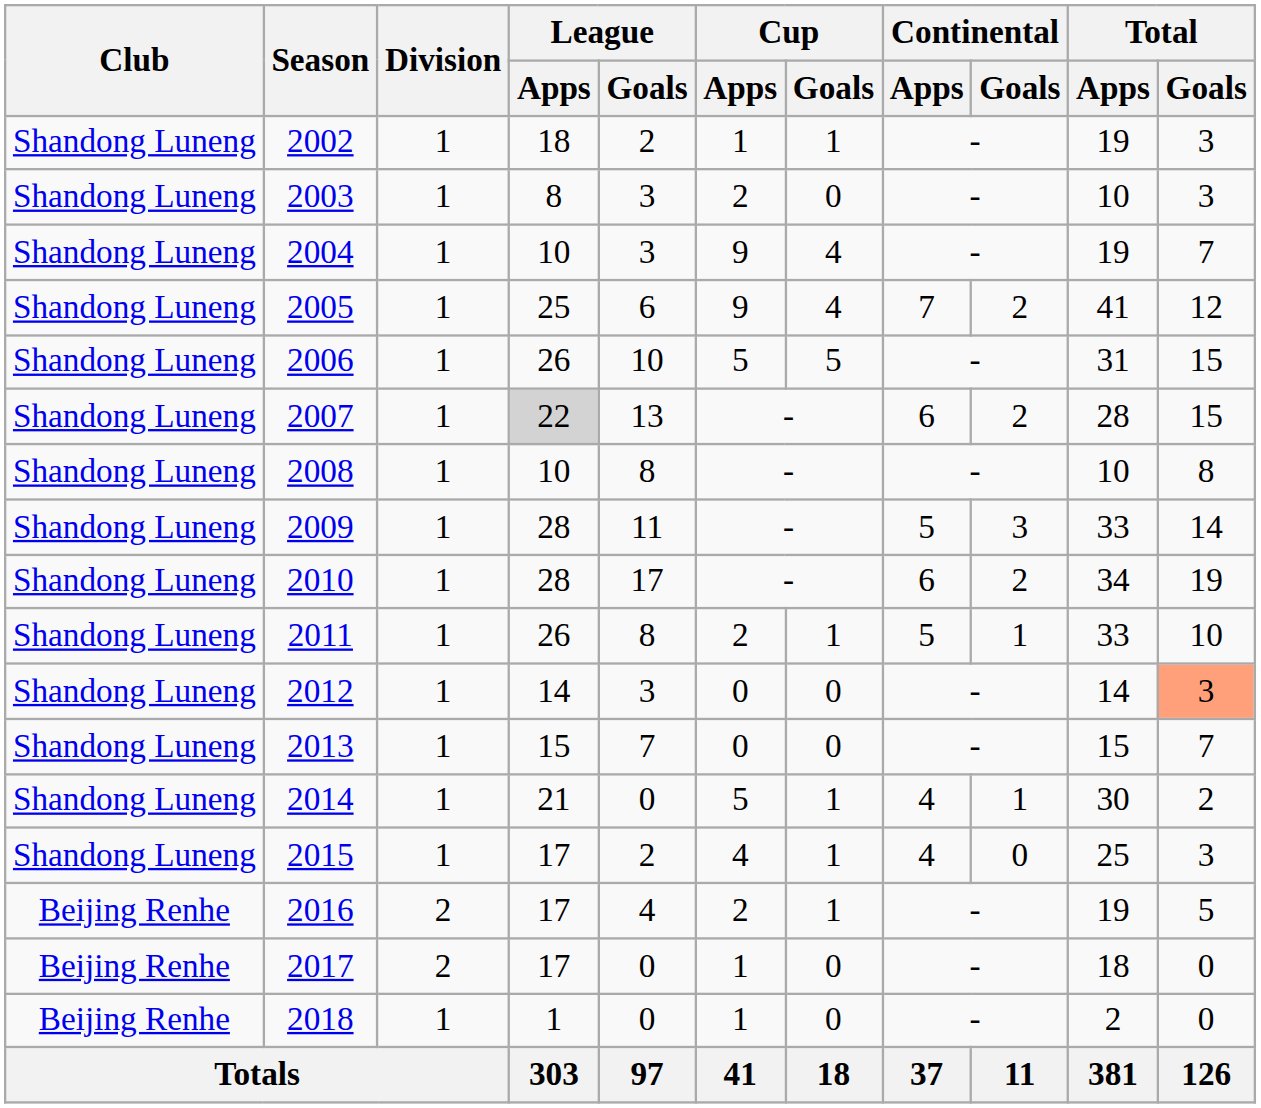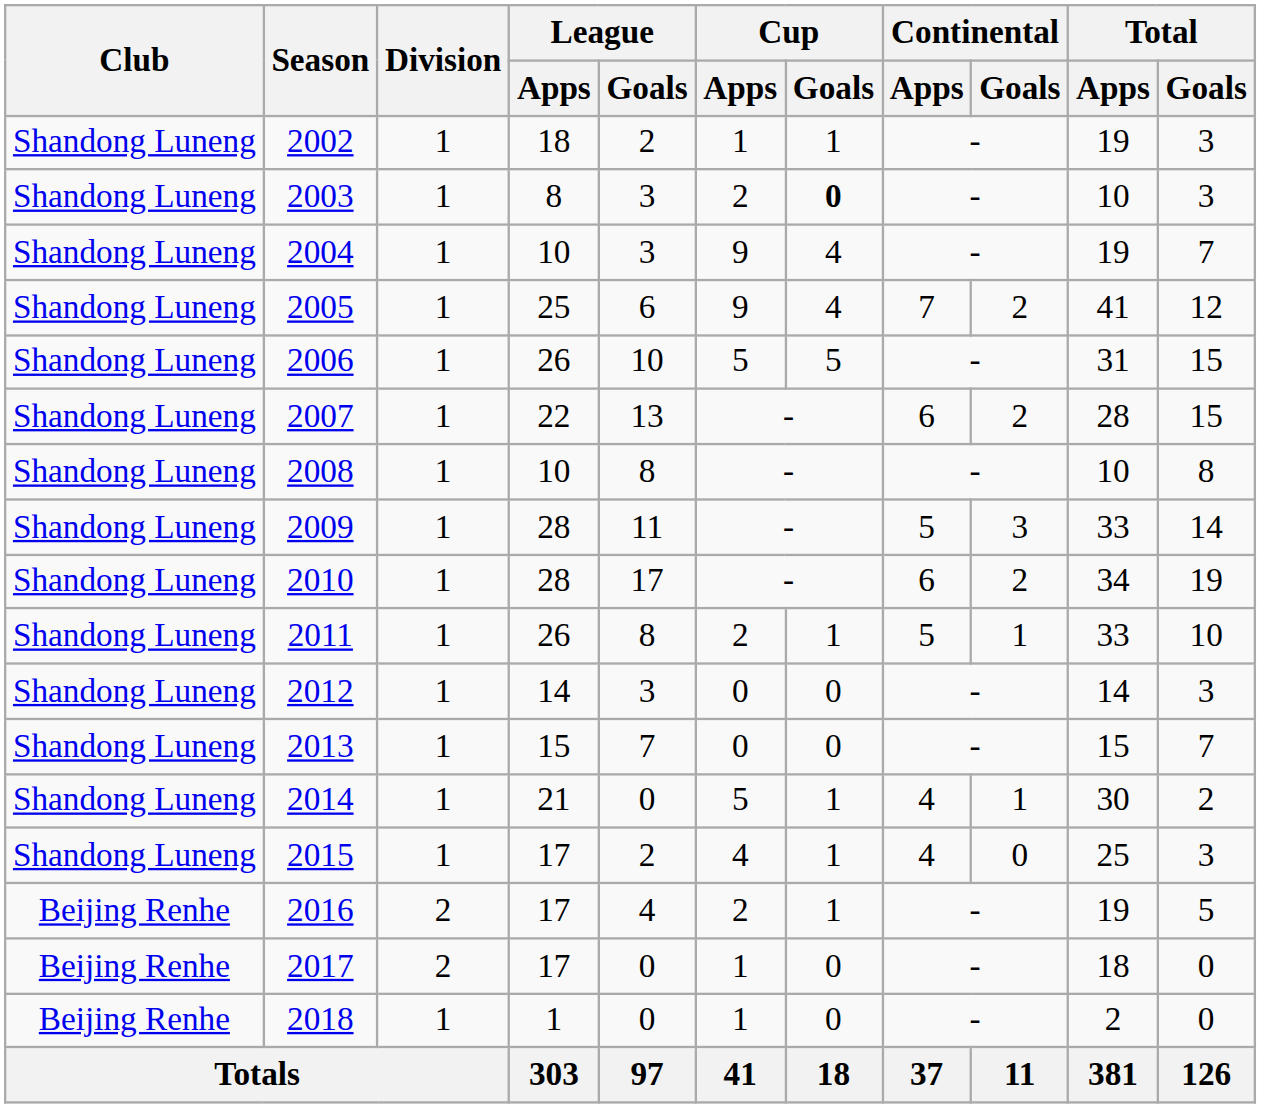 <table class="wikitable" style="font-size:90%; text-align: center;">
 <tr>
 <th rowspan="2">Club</th>
 <th rowspan="2">Season</th>
 <th rowspan="2">Division</th>
 <th colspan="2">League</th>
 <th colspan="2">Cup</th>
 <th colspan="2">Continental</th>
 <th colspan="2">Total</th>
 </tr>
 <tr>
 <th>Apps</th>
 <th>Goals</th>
 <th>Apps</th>
 <th>Goals</th>
 <th>Apps</th>
 <th>Goals</th>
 <th>Apps</th>
 <th>Goals</th>
 </tr>
 <tr>
 <td rowspan="1" valign="center"><a href='#'>Shandong Luneng</a></td>
 <td><a href='#'>2002</a></td>
 <td>1</td>
 <td>18</td>
 <td>2</td>
 <td>1</td>
 <td>1</td>
 <td colspan="2">-</td>
 <td>19</td>
 <td>3</td>
 </tr>
 <tr>
 <td rowspan="1" valign="center"><a href='#'>Shandong Luneng</a></td>
 <td><a href='#'>2003</a></td>
 <td>1</td>
 <td>8</td>
 <td>3</td>
 <td>2</td>
-<td>0</td>
+<td><strong>0</strong></td>
 <td colspan="2">-</td>
 <td>10</td>
 <td>3</td>
 </tr>
 <tr>
 <td rowspan="1" valign="center"><a href='#'>Shandong Luneng</a></td>
 <td><a href='#'>2004</a></td>
 <td>1</td>
 <td>10</td>
 <td>3</td>
 <td>9</td>
 <td>4</td>
 <td colspan="2">-</td>
 <td>19</td>
 <td>7</td>
 </tr>
 <tr>
 <td rowspan="1" valign="center"><a href='#'>Shandong Luneng</a></td>
 <td><a href='#'>2005</a></td>
 <td>1</td>
 <td>25</td>
 <td>6</td>
 <td>9</td>
 <td>4</td>
 <td>7</td>
 <td>2</td>
 <td>41</td>
 <td>12</td>
 </tr>
 <tr>
 <td rowspan="1" valign="center"><a href='#'>Shandong Luneng</a></td>
 <td><a href='#'>2006</a></td>
 <td>1</td>
 <td>26</td>
 <td>10</td>
 <td>5</td>
 <td>5</td>
 <td colspan="2">-</td>
 <td>31</td>
 <td>15</td>
 </tr>
 <tr>
 <td rowspan="1" valign="center"><a href='#'>Shandong Luneng</a></td>
 <td><a href='#'>2007</a></td>
 <td>1</td>
-<td style="background: lightgrey;">22</td>
+<td>22</td>
 <td>13</td>
 <td colspan="2">-</td>
 <td>6</td>
 <td>2</td>
 <td>28</td>
 <td>15</td>
 </tr>
 <tr>
 <td rowspan="1" valign="center"><a href='#'>Shandong Luneng</a></td>
 <td><a href='#'>2008</a></td>
 <td>1</td>
 <td>10</td>
 <td>8</td>
 <td colspan="2">-</td>
 <td colspan="2">-</td>
 <td>10</td>
 <td>8</td>
 </tr>
 <tr>
 <td rowspan="1" valign="center"><a href='#'>Shandong Luneng</a></td>
 <td><a href='#'>2009</a></td>
 <td>1</td>
 <td>28</td>
 <td>11</td>
 <td colspan="2">-</td>
 <td>5</td>
 <td>3</td>
 <td>33</td>
 <td>14</td>
 </tr>
 <tr>
 <td rowspan="1" valign="center"><a href='#'>Shandong Luneng</a></td>
 <td><a href='#'>2010</a></td>
 <td>1</td>
 <td>28</td>
 <td>17</td>
 <td colspan="2">-</td>
 <td>6</td>
 <td>2</td>
 <td>34</td>
 <td>19</td>
 </tr>
 <tr>
 <td rowspan="1" valign="center"><a href='#'>Shandong Luneng</a></td>
 <td><a href='#'>2011</a></td>
 <td>1</td>
 <td>26</td>
 <td>8</td>
 <td>2</td>
 <td>1</td>
 <td>5</td>
 <td>1</td>
 <td>33</td>
 <td>10</td>
 </tr>
 <tr>
 <td rowspan="1" valign="center"><a href='#'>Shandong Luneng</a></td>
 <td><a href='#'>2012</a></td>
 <td>1</td>
 <td>14</td>
 <td>3</td>
 <td>0</td>
 <td>0</td>
 <td colspan="2">-</td>
 <td>14</td>
-<td style="background: lightsalmon;">3</td>
+<td>3</td>
 </tr>
 <tr>
 <td rowspan="1" valign="center"><a href='#'>Shandong Luneng</a></td>
 <td><a href='#'>2013</a></td>
 <td>1</td>
 <td>15</td>
 <td>7</td>
 <td>0</td>
 <td>0</td>
 <td colspan="2">-</td>
 <td>15</td>
 <td>7</td>
 </tr>
 <tr>
 <td rowspan="1" valign="center"><a href='#'>Shandong Luneng</a></td>
 <td><a href='#'>2014</a></td>
 <td>1</td>
 <td>21</td>
 <td>0</td>
 <td>5</td>
 <td>1</td>
 <td>4</td>
 <td>1</td>
 <td>30</td>
 <td>2</td>
 </tr>
 <tr>
 <td rowspan="1" valign="center"><a href='#'>Shandong Luneng</a></td>
 <td><a href='#'>2015</a></td>
 <td>1</td>
 <td>17</td>
 <td>2</td>
 <td>4</td>
 <td>1</td>
 <td>4</td>
 <td>0</td>
 <td>25</td>
 <td>3</td>
 </tr>
 <tr>
 <td rowspan="1" valign="center"><a href='#'>Beijing Renhe</a></td>
 <td><a href='#'>2016</a></td>
 <td>2</td>
 <td>17</td>
 <td>4</td>
 <td>2</td>
 <td>1</td>
 <td colspan="2">-</td>
 <td>19</td>
 <td>5</td>
 </tr>
 <tr>
 <td rowspan="1" valign="center"><a href='#'>Beijing Renhe</a></td>
 <td><a href='#'>2017</a></td>
 <td>2</td>
 <td>17</td>
 <td>0</td>
 <td>1</td>
 <td>0</td>
 <td colspan="2">-</td>
 <td>18</td>
 <td>0</td>
 </tr>
 <tr>
 <td rowspan="1" valign="center"><a href='#'>Beijing Renhe</a></td>
 <td><a href='#'>2018</a></td>
 <td>1</td>
 <td>1</td>
 <td>0</td>
 <td>1</td>
 <td>0</td>
 <td colspan="2">-</td>
 <td>2</td>
 <td>0</td>
 </tr>
 <tr>
 <th colspan="3">Totals</th>
 <th>303</th>
 <th>97</th>
 <th>41</th>
 <th>18</th>
 <th>37</th>
 <th>11</th>
 <th>381</th>
 <th>126</th>
 </tr>
 </table>
